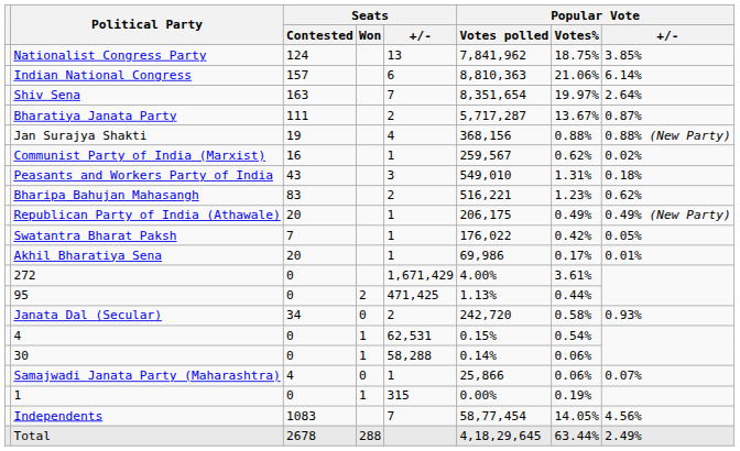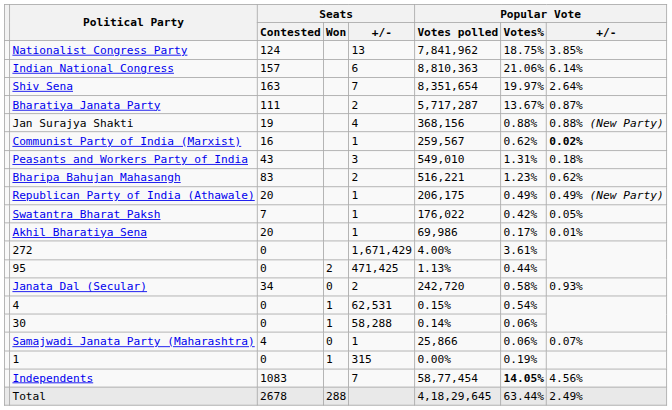 <table class="wikitable sortable">
 <tr>
 <th rowspan="2" class="unsortable"></th>
 <th rowspan="2">Political Party</th>
 <th colspan="3">Seats</th>
 <th colspan="3">Popular Vote</th>
 </tr>
 <tr>
 <th>Contested</th>
 <th>Won</th>
 <th>+/-</th>
 <th>Votes polled</th>
 <th>Votes%</th>
 <th>+/-</th>
 </tr>
 <tr>
 <td></td>
 <td><a href='#'>Nationalist Congress Party</a></td>
 <td>124</td>
 <td></td>
 <td> 13</td>
 <td>7,841,962</td>
 <td>18.75%</td>
 <td> 3.85%</td>
 </tr>
 <tr>
 <td></td>
 <td><a href='#'>Indian National Congress</a></td>
 <td>157</td>
 <td></td>
 <td> 6</td>
 <td>8,810,363</td>
 <td>21.06%</td>
 <td> 6.14%</td>
 </tr>
 <tr>
 <td></td>
 <td><a href='#'>Shiv Sena</a></td>
 <td>163</td>
 <td></td>
 <td> 7</td>
 <td>8,351,654</td>
 <td>19.97%</td>
 <td> 2.64%</td>
 </tr>
 <tr>
 <td></td>
 <td><a href='#'>Bharatiya Janata Party</a></td>
 <td>111</td>
 <td></td>
 <td> 2</td>
 <td>5,717,287</td>
 <td>13.67%</td>
 <td> 0.87%</td>
 </tr>
 <tr>
 <td></td>
 <td>Jan Surajya Shakti</td>
 <td>19</td>
 <td></td>
 <td> 4</td>
 <td>368,156</td>
 <td>0.88%</td>
 <td> 0.88% <em>(New Party)</em></td>
 </tr>
 <tr>
 <td></td>
 <td><a href='#'>Communist Party of India (Marxist)</a></td>
 <td>16</td>
 <td></td>
 <td> 1</td>
 <td>259,567</td>
 <td>0.62%</td>
-<td> 0.02%</td>
+<td><strong> 0.02%</strong></td>
 </tr>
 <tr>
 <td></td>
 <td><a href='#'>Peasants and Workers Party of India</a></td>
 <td>43</td>
 <td></td>
 <td> 3</td>
 <td>549,010</td>
 <td>1.31%</td>
 <td> 0.18%</td>
 </tr>
 <tr>
 <td></td>
 <td><a href='#'>Bharipa Bahujan Mahasangh</a></td>
 <td>83</td>
 <td></td>
 <td> 2</td>
 <td>516,221</td>
 <td>1.23%</td>
 <td> 0.62%</td>
 </tr>
 <tr>
 <td></td>
 <td><a href='#'>Republican Party of India (Athawale)</a></td>
 <td>20</td>
 <td></td>
 <td>1</td>
 <td>206,175</td>
 <td>0.49%</td>
 <td> 0.49% <em>(New Party)</em></td>
 </tr>
 <tr>
 <td></td>
 <td><a href='#'>Swatantra Bharat Paksh</a></td>
 <td>7</td>
 <td></td>
 <td> 1</td>
 <td>176,022</td>
 <td>0.42%</td>
 <td> 0.05%</td>
 </tr>
 <tr>
 <td></td>
 <td><a href='#'>Akhil Bharatiya Sena</a></td>
 <td>20</td>
 <td></td>
 <td> 1</td>
 <td>69,986</td>
 <td>0.17%</td>
 <td> 0.01%</td>
 </tr>
 <tr>
 <td></td>
 <td>272</td>
 <td>0</td>
 <td></td>
 <td>1,671,429</td>
 <td>4.00%</td>
 <td>3.61%</td>
 </tr>
 <tr>
 <td></td>
 <td>95</td>
 <td>0</td>
 <td>2</td>
 <td>471,425</td>
 <td>1.13%</td>
 <td>0.44%</td>
 </tr>
 <tr>
 <td></td>
 <td><a href='#'>Janata Dal (Secular)</a></td>
 <td>34</td>
 <td>0</td>
 <td>2</td>
 <td>242,720</td>
 <td>0.58%</td>
 <td>0.93%</td>
 </tr>
 <tr>
 <td></td>
 <td>4</td>
 <td>0</td>
 <td>1</td>
 <td>62,531</td>
 <td>0.15%</td>
 <td>0.54%</td>
 </tr>
 <tr>
 <td></td>
 <td>30</td>
 <td>0</td>
 <td>1</td>
 <td>58,288</td>
 <td>0.14%</td>
 <td>0.06%</td>
 </tr>
 <tr>
 <td></td>
 <td><a href='#'>Samajwadi Janata Party (Maharashtra)</a></td>
 <td>4</td>
 <td>0</td>
 <td>1</td>
 <td>25,866</td>
 <td>0.06%</td>
 <td>0.07%</td>
 </tr>
 <tr>
 <td></td>
 <td>1</td>
 <td>0</td>
 <td>1</td>
 <td>315</td>
 <td>0.00%</td>
 <td>0.19%</td>
 </tr>
 <tr>
 <td></td>
 <td><a href='#'>Independents</a></td>
 <td>1083</td>
 <td></td>
 <td> 7</td>
 <td>58,77,454</td>
-<td>14.05%</td>
+<td><strong>14.05%</strong></td>
 <td> 4.56%</td>
 </tr>
 <tr style="background-color:#E9E9E9">
 <td></td>
 <td>Total</td>
 <td>2678</td>
 <td>288</td>
 <td></td>
 <td>4,18,29,645</td>
 <td>63.44%</td>
 <td> 2.49%</td>
 </tr>
 </table>
